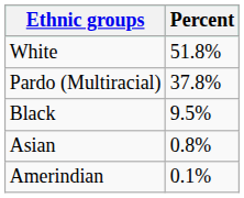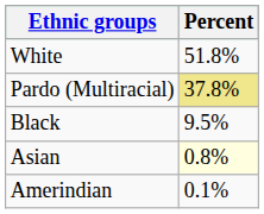 <table class="wikitable">
 <tr style="background:#009966;" colspan="2">
 <th><a href='#'><span>Ethnic groups</span></a></th>
 <th><span>Percent</span></th>
 </tr>
 <tr>
 <td>White</td>
 <td>51.8%</td>
 </tr>
 <tr>
 <td>Pardo (Multiracial)</td>
-<td>37.8%</td>
+<td style="background: khaki;">37.8%</td>
 </tr>
 <tr>
 <td>Black</td>
 <td>9.5%</td>
 </tr>
 <tr>
 <td>Asian</td>
-<td>0.8%</td>
+<td style="background: lightyellow;">0.8%</td>
 </tr>
 <tr>
 <td>Amerindian</td>
 <td>0.1%</td>
 </tr>
 </table>
